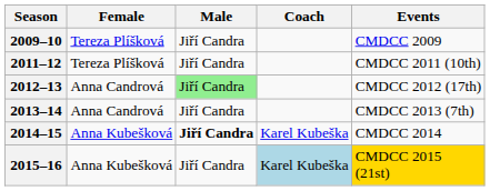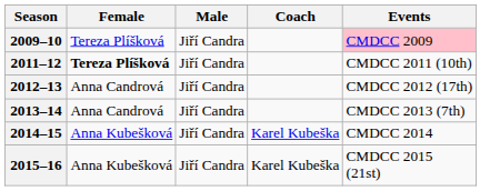 <table class="wikitable">
 <tr>
 <th scope="col" width=60>Season</th>
 <th scope="col">Female</th>
 <th scope="col">Male</th>
 <th scope="col">Coach</th>
 <th scope="col">Events</th>
 </tr>
 <tr>
 <th scope="row">2009–10</th>
 <td><a href='#'>Tereza Plíšková</a></td>
 <td>Jiří Candra</td>
 <td></td>
-<td><a href='#'>CMDCC</a> 2009 </td>
+<td style="background: pink;"><a href='#'>CMDCC</a> 2009 </td>
 </tr>
 <tr>
 <th scope="row">2011–12</th>
-<td>Tereza Plíšková</td>
+<td><strong>Tereza Plíšková</strong></td>
 <td>Jiří Candra</td>
 <td></td>
 <td>CMDCC 2011 (10th)</td>
 </tr>
 <tr>
 <th scope="row">2012–13</th>
 <td>Anna Candrová</td>
-<td style="background: lightgreen;">Jiří Candra</td>
+<td>Jiří Candra</td>
 <td></td>
 <td>CMDCC 2012 (17th)</td>
 </tr>
 <tr>
 <th scope="row">2013–14</th>
 <td>Anna Candrová</td>
 <td>Jiří Candra</td>
 <td></td>
 <td>CMDCC 2013 (7th)</td>
 </tr>
 <tr>
 <th scope="row">2014–15</th>
 <td><a href='#'>Anna Kubešková</a></td>
-<td><strong>Jiří Candra</strong></td>
+<td>Jiří Candra</td>
 <td><a href='#'>Karel Kubeška</a></td>
 <td>CMDCC 2014 </td>
 </tr>
 <tr>
 <th scope="row" rowspan="2">2015–16</th>
 <td>Anna Kubešková</td>
 <td>Jiří Candra</td>
-<td style="background: lightblue;">Karel Kubeška</td>
-<td style="background: gold;">CMDCC 2015 <br> (21st)</td>
+<td>Karel Kubeška</td>
+<td>CMDCC 2015 <br> (21st)</td>
 </tr>
 </table>
